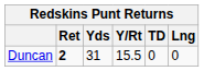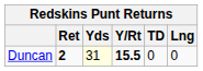 <table class="wikitable">
 <tr>
 <th colspan="6">Redskins Punt Returns</th>
 </tr>
 <tr>
 <th></th>
 <th>Ret</th>
 <th>Yds</th>
 <th>Y/Rt</th>
 <th>TD</th>
 <th>Lng</th>
 </tr>
 <tr>
 <td><a href='#'>Duncan</a></td>
 <td><strong>2</strong></td>
-<td>31</td>
-<td>15.5</td>
+<td style="background: lightyellow;">31</td>
+<td><strong>15.5</strong></td>
 <td>0</td>
 <td>0</td>
 </tr>
 </table>
